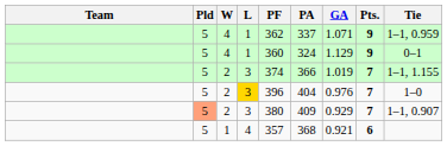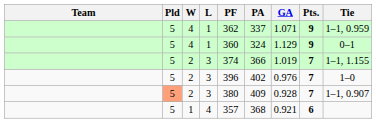 <table class=wikitable style="text-align:center">
 <tr>
 <th width=240>Team</th>
 <th width=20>Pld</th>
 <th width=20>W</th>
 <th width=20>L</th>
 <th width=35>PF</th>
 <th width=35>PA</th>
 <th width=35><a href='#'>GA</a></th>
 <th width=30>Pts.</th>
 <th>Tie</th>
 </tr>
 <tr bgcolor=#ccffcc>
 <td align=left></td>
 <td>5</td>
 <td>4</td>
 <td>1</td>
 <td>362</td>
 <td>337</td>
 <td>1.071</td>
 <td><strong>9</strong></td>
 <td>1–1, 0.959</td>
 </tr>
 <tr bgcolor=#ccffcc>
 <td align=left></td>
 <td>5</td>
 <td>4</td>
 <td>1</td>
 <td>360</td>
 <td>324</td>
 <td>1.129</td>
 <td><strong>9</strong></td>
 <td>0–1</td>
 </tr>
 <tr bgcolor=#ccffcc>
 <td align=left></td>
 <td>5</td>
 <td>2</td>
 <td>3</td>
 <td>374</td>
 <td>366</td>
 <td>1.019</td>
 <td><strong>7</strong></td>
 <td>1–1, 1.155</td>
 </tr>
 <tr>
 <td align=left></td>
 <td>5</td>
 <td>2</td>
-<td style="background: gold;">3</td>
+<td>3</td>
 <td>396</td>
-<td>404</td>
+<td>402</td>
 <td>0.976</td>
 <td><strong>7</strong></td>
 <td>1–0</td>
 </tr>
 <tr>
 <td align=left></td>
 <td style="background: lightsalmon;">5</td>
 <td>2</td>
 <td>3</td>
 <td>380</td>
 <td>409</td>
-<td>0.929</td>
+<td>0.928</td>
 <td><strong>7</strong></td>
 <td>1–1, 0.907</td>
 </tr>
 <tr>
 <td align=left></td>
 <td>5</td>
 <td>1</td>
 <td>4</td>
 <td>357</td>
 <td>368</td>
 <td>0.921</td>
 <td><strong>6</strong></td>
 <td></td>
 </tr>
 </table>
